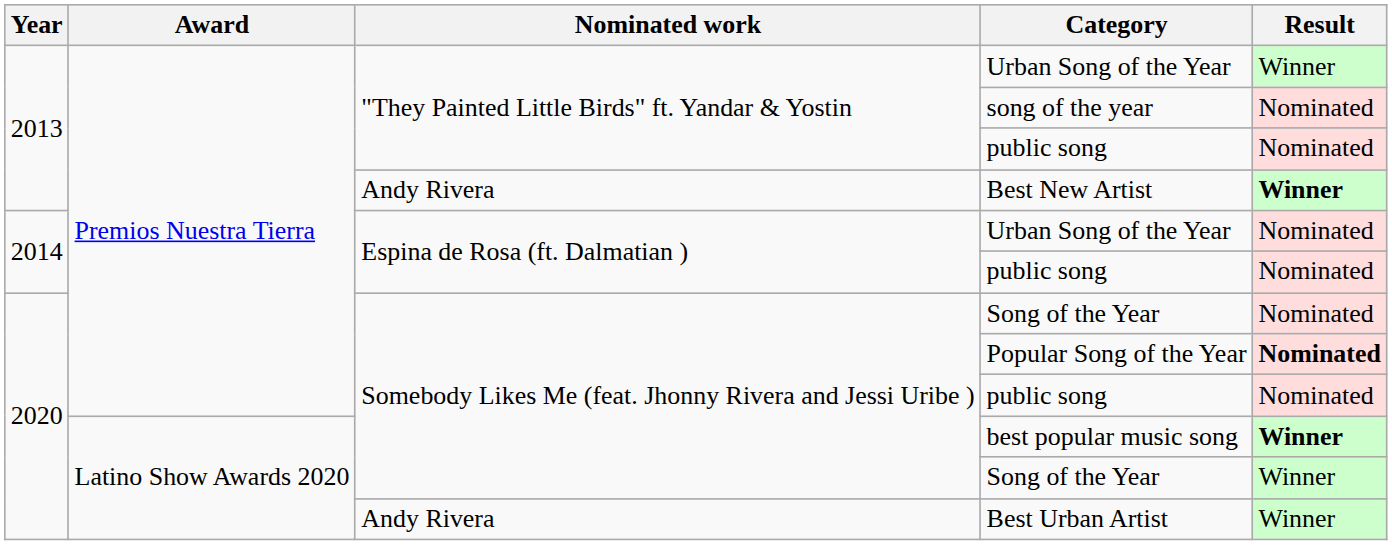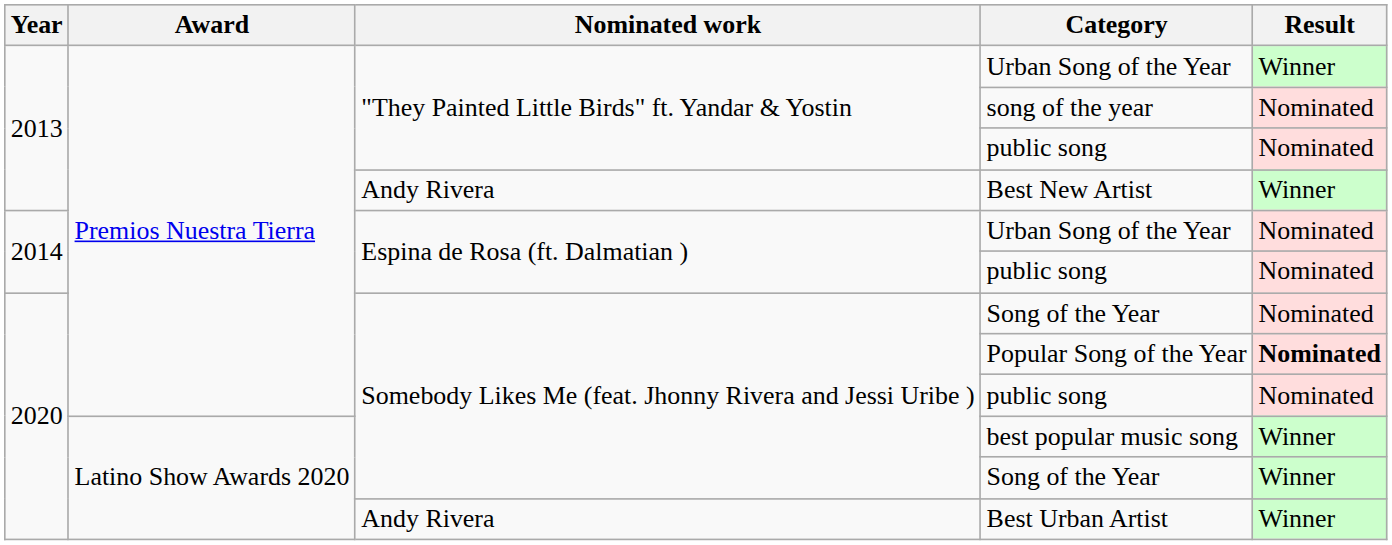 <table class="wikitable" style="table-layout: fixed;">
 <tr>
 <th>Year</th>
 <th>Award</th>
 <th>Nominated work</th>
 <th>Category</th>
 <th>Result</th>
 </tr>
 <tr>
 <td colspan="1" rowspan="4">2013</td>
 <td rowspan="9"><a href='#'>Premios Nuestra Tierra</a></td>
 <td rowspan="3">"They Painted Little Birds" ft. Yandar & Yostin</td>
 <td>Urban Song of the Year</td>
 <td bgcolor="#CCFFCC">Winner</td>
 </tr>
 <tr>
 <td>song of the year</td>
 <td bgcolor="#FFDDDD">Nominated</td>
 </tr>
 <tr>
 <td>public song</td>
 <td bgcolor="#FFDDDD">Nominated</td>
 </tr>
 <tr>
 <td>Andy Rivera</td>
 <td>Best New Artist</td>
-<td bgcolor="#CCFFCC"><strong>Winner</strong></td>
+<td bgcolor="#CCFFCC">Winner</td>
 </tr>
 <tr>
 <td colspan="1" rowspan="2">2014</td>
 <td rowspan="2">Espina de Rosa (ft. Dalmatian )</td>
 <td>Urban Song of the Year</td>
 <td bgcolor="#FFDDDD">Nominated</td>
 </tr>
 <tr>
 <td>public song</td>
 <td bgcolor="#FFDDDD">Nominated</td>
 </tr>
 <tr>
 <td colspan="1" rowspan="6">2020</td>
 <td rowspan="5">Somebody Likes Me (feat. Jhonny Rivera and Jessi Uribe )</td>
 <td>Song of the Year</td>
 <td bgcolor="#FFDDDD">Nominated</td>
 </tr>
 <tr>
 <td>Popular Song of the Year</td>
 <td bgcolor="#FFDDDD"><strong>Nominated</strong></td>
 </tr>
 <tr>
 <td>public song</td>
 <td bgcolor="#FFDDDD">Nominated</td>
 </tr>
 <tr>
 <td rowspan="3">Latino Show Awards 2020</td>
 <td>best popular music song</td>
-<td bgcolor="#CCFFCC"><strong>Winner</strong></td>
+<td bgcolor="#CCFFCC">Winner</td>
 </tr>
 <tr>
 <td>Song of the Year</td>
 <td bgcolor="#CCFFCC">Winner</td>
 </tr>
 <tr>
 <td>Andy Rivera</td>
 <td>Best Urban Artist</td>
 <td bgcolor="#CCFFCC">Winner</td>
 </tr>
 </table>
